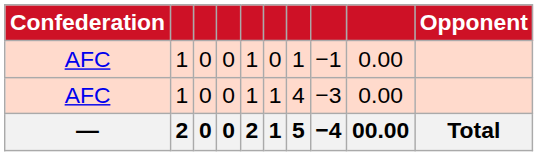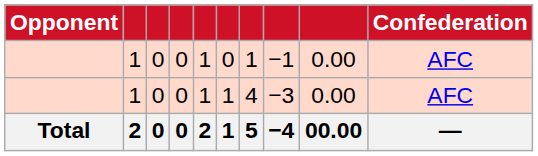 <table class="wikitable sortable" style="text-align:center;">
 <tr style="color:white">
-<th style="background-color:#CE1126;color:white">Confederation</th>
+<th style="background-color:#CE1126;color:white">Opponent</th>
 <th style="background-color:#CE1126;color:white"></th>
 <th style="background-color:#CE1126;color:white"></th>
 <th style="background-color:#CE1126;color:white"></th>
 <th style="background-color:#CE1126;color:white"></th>
 <th style="background-color:#CE1126;color:white"></th>
 <th style="background-color:#CE1126;color:white"></th>
 <th style="background-color:#CE1126;color:white"></th>
 <th style="background-color:#CE1126;color:white"></th>
-<th style="background-color:#CE1126;color:white">Opponent</th>
+<th style="background-color:#CE1126;color:white">Confederation</th>
 </tr>
 <tr bgcolor=FFDACC>
-<td><a href='#'>AFC</a></td>
+<td style="text-align:left;"></td>
 <td>1</td>
 <td>0</td>
 <td>0</td>
 <td>1</td>
 <td>0</td>
 <td>1</td>
 <td>−1</td>
 <td>0.00</td>
-<td style="text-align:left;"></td>
+<td><a href='#'>AFC</a></td>
 </tr>
 <tr bgcolor=FFDACC>
-<td><a href='#'>AFC</a></td>
+<td style="text-align:left;"></td>
 <td>1</td>
 <td>0</td>
 <td>0</td>
 <td>1</td>
 <td>1</td>
 <td>4</td>
 <td>−3</td>
 <td>0.00</td>
-<td style="text-align:left;"></td>
+<td><a href='#'>AFC</a></td>
 </tr>
 <tr>
-<th>—</th>
+<th>Total</th>
 <th>2</th>
 <th>0</th>
 <th>0</th>
 <th>2</th>
 <th>1</th>
 <th>5</th>
 <th>−4</th>
 <th>00.00</th>
-<th>Total</th>
+<th>—</th>
 </tr>
 </table>
